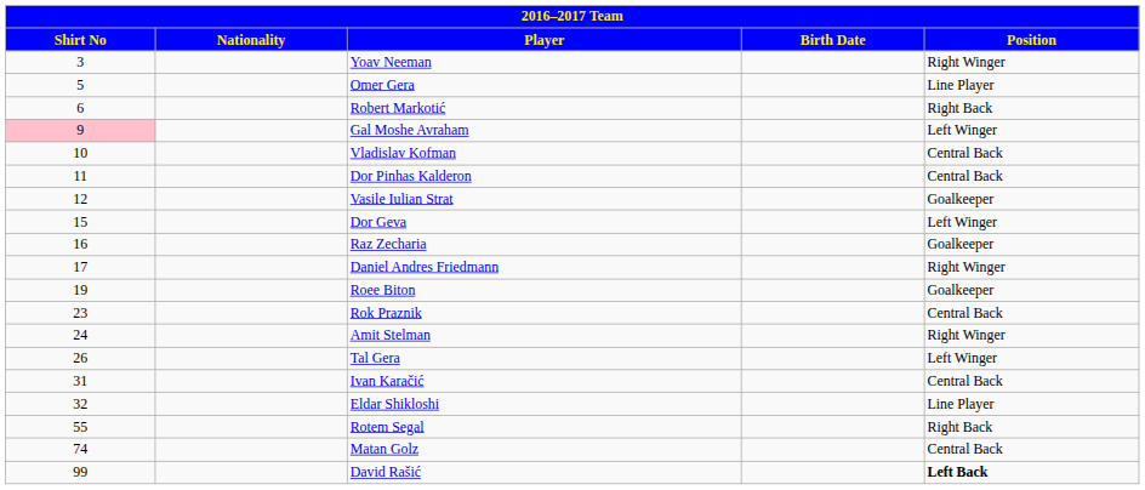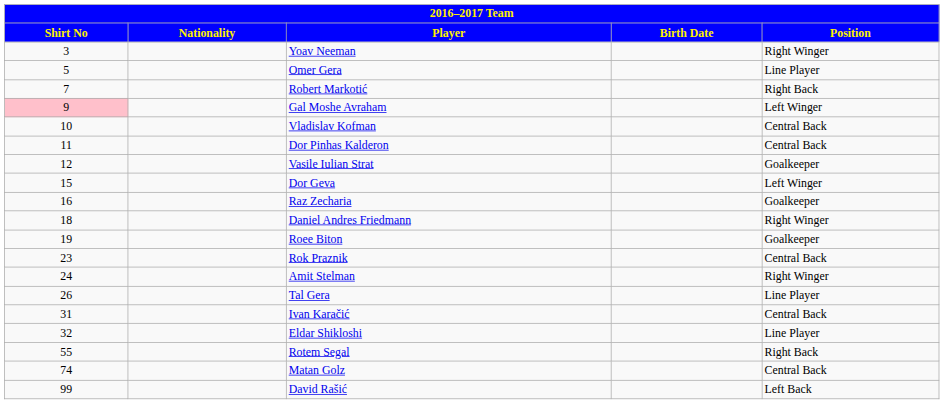 <table class="wikitable collapsible collapsed" style="width:100%">
 <tr>
 <th colspan="5" style="background:#0000FF; color:#FFF000; text-align:center;"><strong>2016–2017 Team</strong></th>
 </tr>
 <tr>
 <th style="color:#FFF000; background:#0000FF">Shirt No</th>
 <th style="color:#FFF000; background:#0000FF">Nationality</th>
 <th style="color:#FFF000; background:#0000FF">Player</th>
 <th style="color:#FFF000; background:#0000FF">Birth Date</th>
 <th style="color:#FFF000; background:#0000FF">Position</th>
 </tr>
 <tr>
 <td align=center>3</td>
 <td></td>
 <td><a href='#'>Yoav Neeman</a></td>
 <td></td>
 <td>Right Winger</td>
 </tr>
 <tr>
 <td align=center>5</td>
 <td></td>
 <td><a href='#'>Omer Gera</a></td>
 <td></td>
 <td>Line Player</td>
 </tr>
 <tr>
-<td align=center>6</td>
+<td align=center>7</td>
 <td></td>
 <td><a href='#'>Robert Markotić</a></td>
 <td></td>
 <td>Right Back</td>
 </tr>
 <tr>
 <td align=center style="background: pink;">9</td>
 <td></td>
 <td><a href='#'>Gal Moshe Avraham</a></td>
 <td></td>
 <td>Left Winger</td>
 </tr>
 <tr>
 <td align=center>10</td>
 <td></td>
 <td><a href='#'>Vladislav Kofman</a></td>
 <td></td>
 <td>Central Back</td>
 </tr>
 <tr>
 <td align=center>11</td>
 <td></td>
 <td><a href='#'>Dor Pinhas Kalderon</a></td>
 <td></td>
 <td>Central Back</td>
 </tr>
 <tr>
 <td align=center>12</td>
 <td></td>
 <td><a href='#'>Vasile Iulian Strat</a></td>
 <td></td>
 <td>Goalkeeper</td>
 </tr>
 <tr>
 <td align=center>15</td>
 <td></td>
 <td><a href='#'>Dor Geva</a></td>
 <td></td>
 <td>Left Winger</td>
 </tr>
 <tr>
 <td align=center>16</td>
 <td></td>
 <td><a href='#'>Raz Zecharia</a></td>
 <td></td>
 <td>Goalkeeper</td>
 </tr>
 <tr>
-<td align=center>17</td>
+<td align=center>18</td>
 <td></td>
 <td><a href='#'>Daniel Andres Friedmann</a></td>
 <td></td>
 <td>Right Winger</td>
 </tr>
 <tr>
 <td align=center>19</td>
 <td></td>
 <td><a href='#'>Roee Biton</a></td>
 <td></td>
 <td>Goalkeeper</td>
 </tr>
 <tr>
 <td align=center>23</td>
 <td></td>
 <td><a href='#'>Rok Praznik</a></td>
 <td></td>
 <td>Central Back</td>
 </tr>
 <tr>
 <td align=center>24</td>
 <td></td>
 <td><a href='#'>Amit Stelman</a></td>
 <td></td>
 <td>Right Winger</td>
 </tr>
 <tr>
 <td align=center>26</td>
 <td></td>
 <td><a href='#'>Tal Gera</a></td>
 <td></td>
-<td>Left Winger</td>
+<td>Line Player</td>
 </tr>
 <tr>
 <td align=center>31</td>
 <td></td>
 <td><a href='#'>Ivan Karačić</a></td>
 <td></td>
 <td>Central Back</td>
 </tr>
 <tr>
 <td align=center>32</td>
 <td></td>
 <td><a href='#'>Eldar Shikloshi</a></td>
 <td></td>
 <td>Line Player</td>
 </tr>
 <tr>
 <td align=center>55</td>
 <td></td>
 <td><a href='#'>Rotem Segal</a></td>
 <td></td>
 <td>Right Back</td>
 </tr>
 <tr>
 <td align=center>74</td>
 <td></td>
 <td><a href='#'>Matan Golz</a></td>
 <td></td>
 <td>Central Back</td>
 </tr>
 <tr>
 <td align=center>99</td>
 <td></td>
 <td><a href='#'>David Rašić</a></td>
 <td></td>
-<td><strong>Left Back</strong></td>
+<td>Left Back</td>
 </tr>
 </table>
